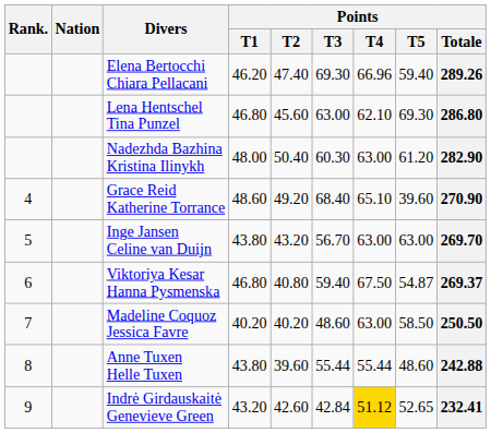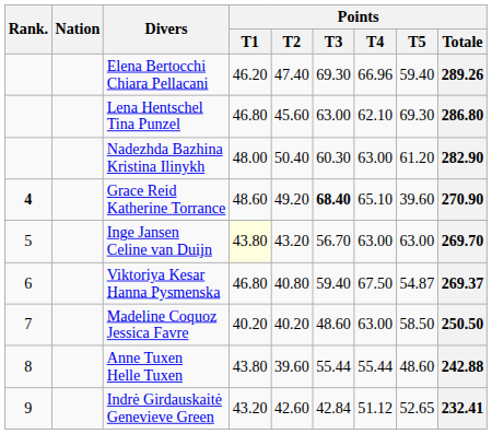 <table class="wikitable" style="text-align:center">
 <tr>
 <th rowspan=2>Rank.</th>
 <th rowspan=2>Nation</th>
 <th rowspan=2>Divers</th>
 <th colspan=7>Points</th>
 </tr>
 <tr>
 <th>T1</th>
 <th>T2</th>
 <th>T3</th>
 <th>T4</th>
 <th>T5</th>
 <th>Totale</th>
 </tr>
 <tr>
 <td></td>
 <td align=left></td>
 <td align=left><a href='#'>Elena Bertocchi</a><br><a href='#'>Chiara Pellacani</a></td>
 <td>46.20</td>
 <td>47.40</td>
 <td>69.30</td>
 <td>66.96</td>
 <td>59.40</td>
 <th>289.26</th>
 </tr>
 <tr>
 <td></td>
 <td align=left></td>
 <td align=left><a href='#'>Lena Hentschel</a><br><a href='#'>Tina Punzel</a></td>
 <td>46.80</td>
 <td>45.60</td>
 <td>63.00</td>
 <td>62.10</td>
 <td>69.30</td>
 <th>286.80</th>
 </tr>
 <tr>
 <td></td>
 <td align=left></td>
 <td align=left><a href='#'>Nadezhda Bazhina</a><br><a href='#'>Kristina Ilinykh</a></td>
 <td>48.00</td>
 <td>50.40</td>
 <td>60.30</td>
 <td>63.00</td>
 <td>61.20</td>
 <th>282.90</th>
 </tr>
 <tr>
-<td>4</td>
+<td><strong>4</strong></td>
 <td align=left></td>
 <td align=left><a href='#'>Grace Reid</a><br><a href='#'>Katherine Torrance</a></td>
 <td>48.60</td>
 <td>49.20</td>
-<td>68.40</td>
+<td><strong>68.40</strong></td>
 <td>65.10</td>
 <td>39.60</td>
 <th>270.90</th>
 </tr>
 <tr>
 <td>5</td>
 <td align=left></td>
 <td align=left><a href='#'>Inge Jansen</a><br><a href='#'>Celine van Duijn</a></td>
-<td>43.80</td>
+<td style="background: lightyellow;">43.80</td>
 <td>43.20</td>
 <td>56.70</td>
 <td>63.00</td>
 <td>63.00</td>
 <th>269.70</th>
 </tr>
 <tr>
 <td>6</td>
 <td align=left></td>
 <td align=left><a href='#'>Viktoriya Kesar</a><br><a href='#'>Hanna Pysmenska</a></td>
 <td>46.80</td>
 <td>40.80</td>
 <td>59.40</td>
 <td>67.50</td>
 <td>54.87</td>
 <th>269.37</th>
 </tr>
 <tr>
 <td>7</td>
 <td align=left></td>
 <td align=left><a href='#'>Madeline Coquoz</a><br><a href='#'>Jessica Favre</a></td>
 <td>40.20</td>
 <td>40.20</td>
 <td>48.60</td>
 <td>63.00</td>
 <td>58.50</td>
 <th>250.50</th>
 </tr>
 <tr>
 <td>8</td>
 <td align=left></td>
 <td align=left><a href='#'>Anne Tuxen</a><br><a href='#'>Helle Tuxen</a></td>
 <td>43.80</td>
 <td>39.60</td>
 <td>55.44</td>
 <td>55.44</td>
 <td>48.60</td>
 <th>242.88</th>
 </tr>
 <tr>
 <td>9</td>
 <td align=left></td>
 <td align=left><a href='#'>Indrė Girdauskaitė</a><br><a href='#'>Genevieve Green</a></td>
 <td>43.20</td>
 <td>42.60</td>
 <td>42.84</td>
-<td style="background: gold;">51.12</td>
+<td>51.12</td>
 <td>52.65</td>
 <th>232.41</th>
 </tr>
 </table>
